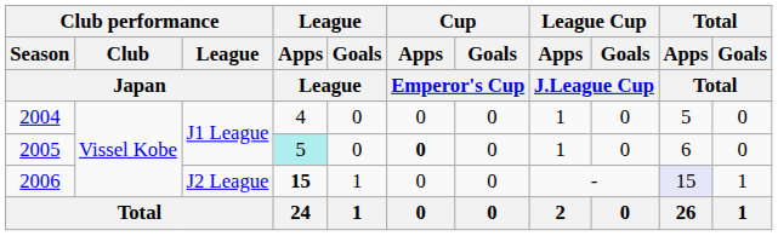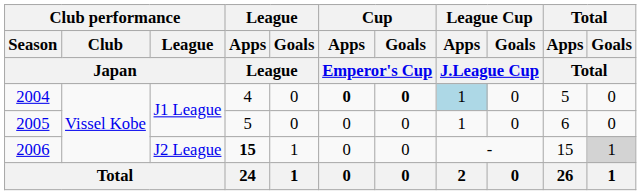 <table class="wikitable" style="text-align:center;">
 <tr>
 <th colspan=3>Club performance</th>
 <th colspan=2>League</th>
 <th colspan=2>Cup</th>
 <th colspan=2>League Cup</th>
 <th colspan=2>Total</th>
 </tr>
 <tr>
 <th>Season</th>
 <th>Club</th>
 <th>League</th>
 <th>Apps</th>
 <th>Goals</th>
 <th>Apps</th>
 <th>Goals</th>
 <th>Apps</th>
 <th>Goals</th>
 <th>Apps</th>
 <th>Goals</th>
 </tr>
 <tr>
 <th colspan=3>Japan</th>
 <th colspan=2>League</th>
 <th colspan=2><a href='#'>Emperor's Cup</a></th>
 <th colspan=2><a href='#'>J.League Cup</a></th>
 <th colspan=2>Total</th>
 </tr>
 <tr>
 <td><a href='#'>2004</a></td>
 <td rowspan="3"><a href='#'>Vissel Kobe</a></td>
 <td rowspan="2"><a href='#'>J1 League</a></td>
 <td>4</td>
 <td>0</td>
-<td>0</td>
-<td>0</td>
-<td>1</td>
+<td><strong>0</strong></td>
+<td><strong>0</strong></td>
+<td style="background: lightblue;">1</td>
 <td>0</td>
 <td>5</td>
 <td>0</td>
 </tr>
 <tr>
 <td><a href='#'>2005</a></td>
-<td style="background: paleturquoise;">5</td>
+<td>5</td>
 <td>0</td>
-<td><strong>0</strong></td>
+<td>0</td>
 <td>0</td>
 <td>1</td>
 <td>0</td>
 <td>6</td>
 <td>0</td>
 </tr>
 <tr>
 <td><a href='#'>2006</a></td>
 <td><a href='#'>J2 League</a></td>
 <td><strong>15</strong></td>
 <td>1</td>
 <td>0</td>
 <td>0</td>
 <td colspan="2">-</td>
-<td style="background: lavender;">15</td>
-<td>1</td>
+<td>15</td>
+<td style="background: lightgrey;">1</td>
 </tr>
 <tr>
 <th colspan=3>Total</th>
 <th>24</th>
 <th>1</th>
 <th>0</th>
 <th>0</th>
 <th>2</th>
 <th>0</th>
 <th>26</th>
 <th>1</th>
 </tr>
 </table>
